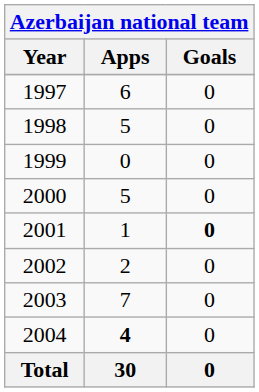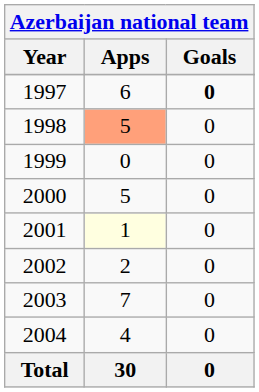 <table class="wikitable" style="text-align:center">
 <tr>
 <th colspan=3><a href='#'>Azerbaijan national team</a></th>
 </tr>
 <tr>
 <th>Year</th>
 <th>Apps</th>
 <th>Goals</th>
 </tr>
 <tr>
 </tr>
 <tr>
 <td>1997</td>
 <td>6</td>
-<td>0</td>
+<td><strong>0</strong></td>
 </tr>
 <tr>
 <td>1998</td>
-<td>5</td>
+<td style="background: lightsalmon;">5</td>
 <td>0</td>
 </tr>
 <tr>
 <td>1999</td>
 <td>0</td>
 <td>0</td>
 </tr>
 <tr>
 <td>2000</td>
 <td>5</td>
 <td>0</td>
 </tr>
 <tr>
 <td>2001</td>
-<td>1</td>
-<td><strong>0</strong></td>
+<td style="background: lightyellow;">1</td>
+<td>0</td>
 </tr>
 <tr>
 <td>2002</td>
 <td>2</td>
 <td>0</td>
 </tr>
 <tr>
 <td>2003</td>
 <td>7</td>
 <td>0</td>
 </tr>
 <tr>
 <td>2004</td>
-<td><strong>4</strong></td>
+<td>4</td>
 <td>0</td>
 </tr>
 <tr>
 <th>Total</th>
 <th>30</th>
 <th>0</th>
 </tr>
 </table>
